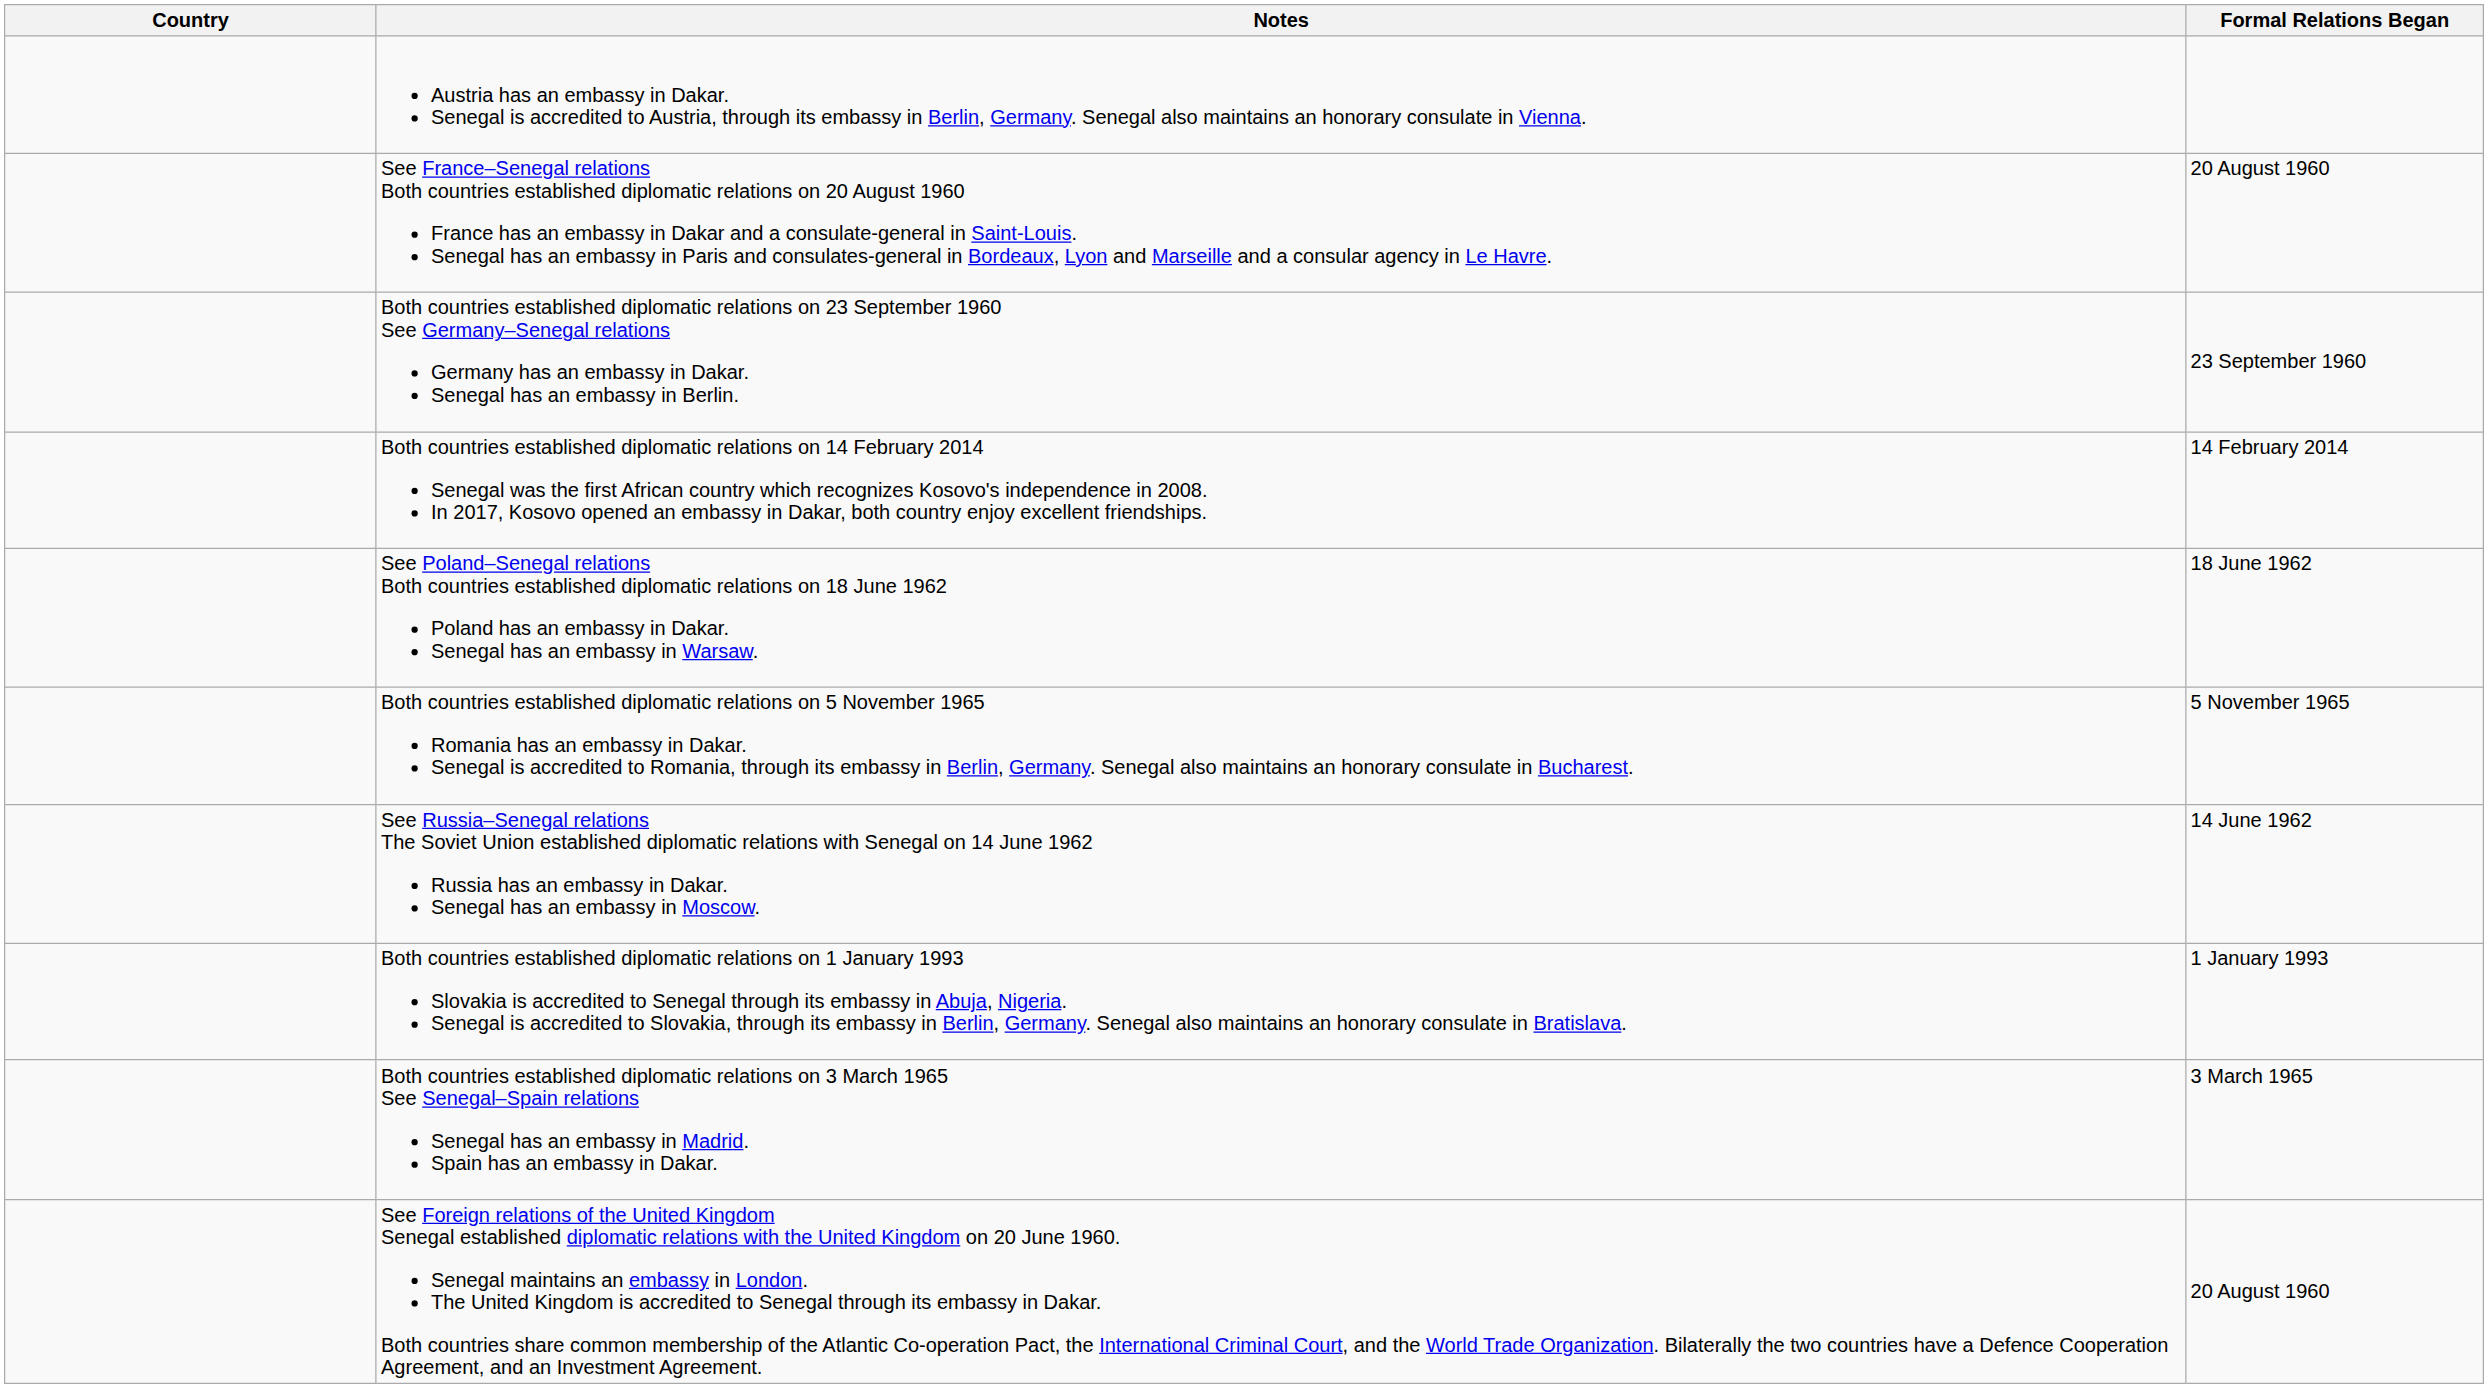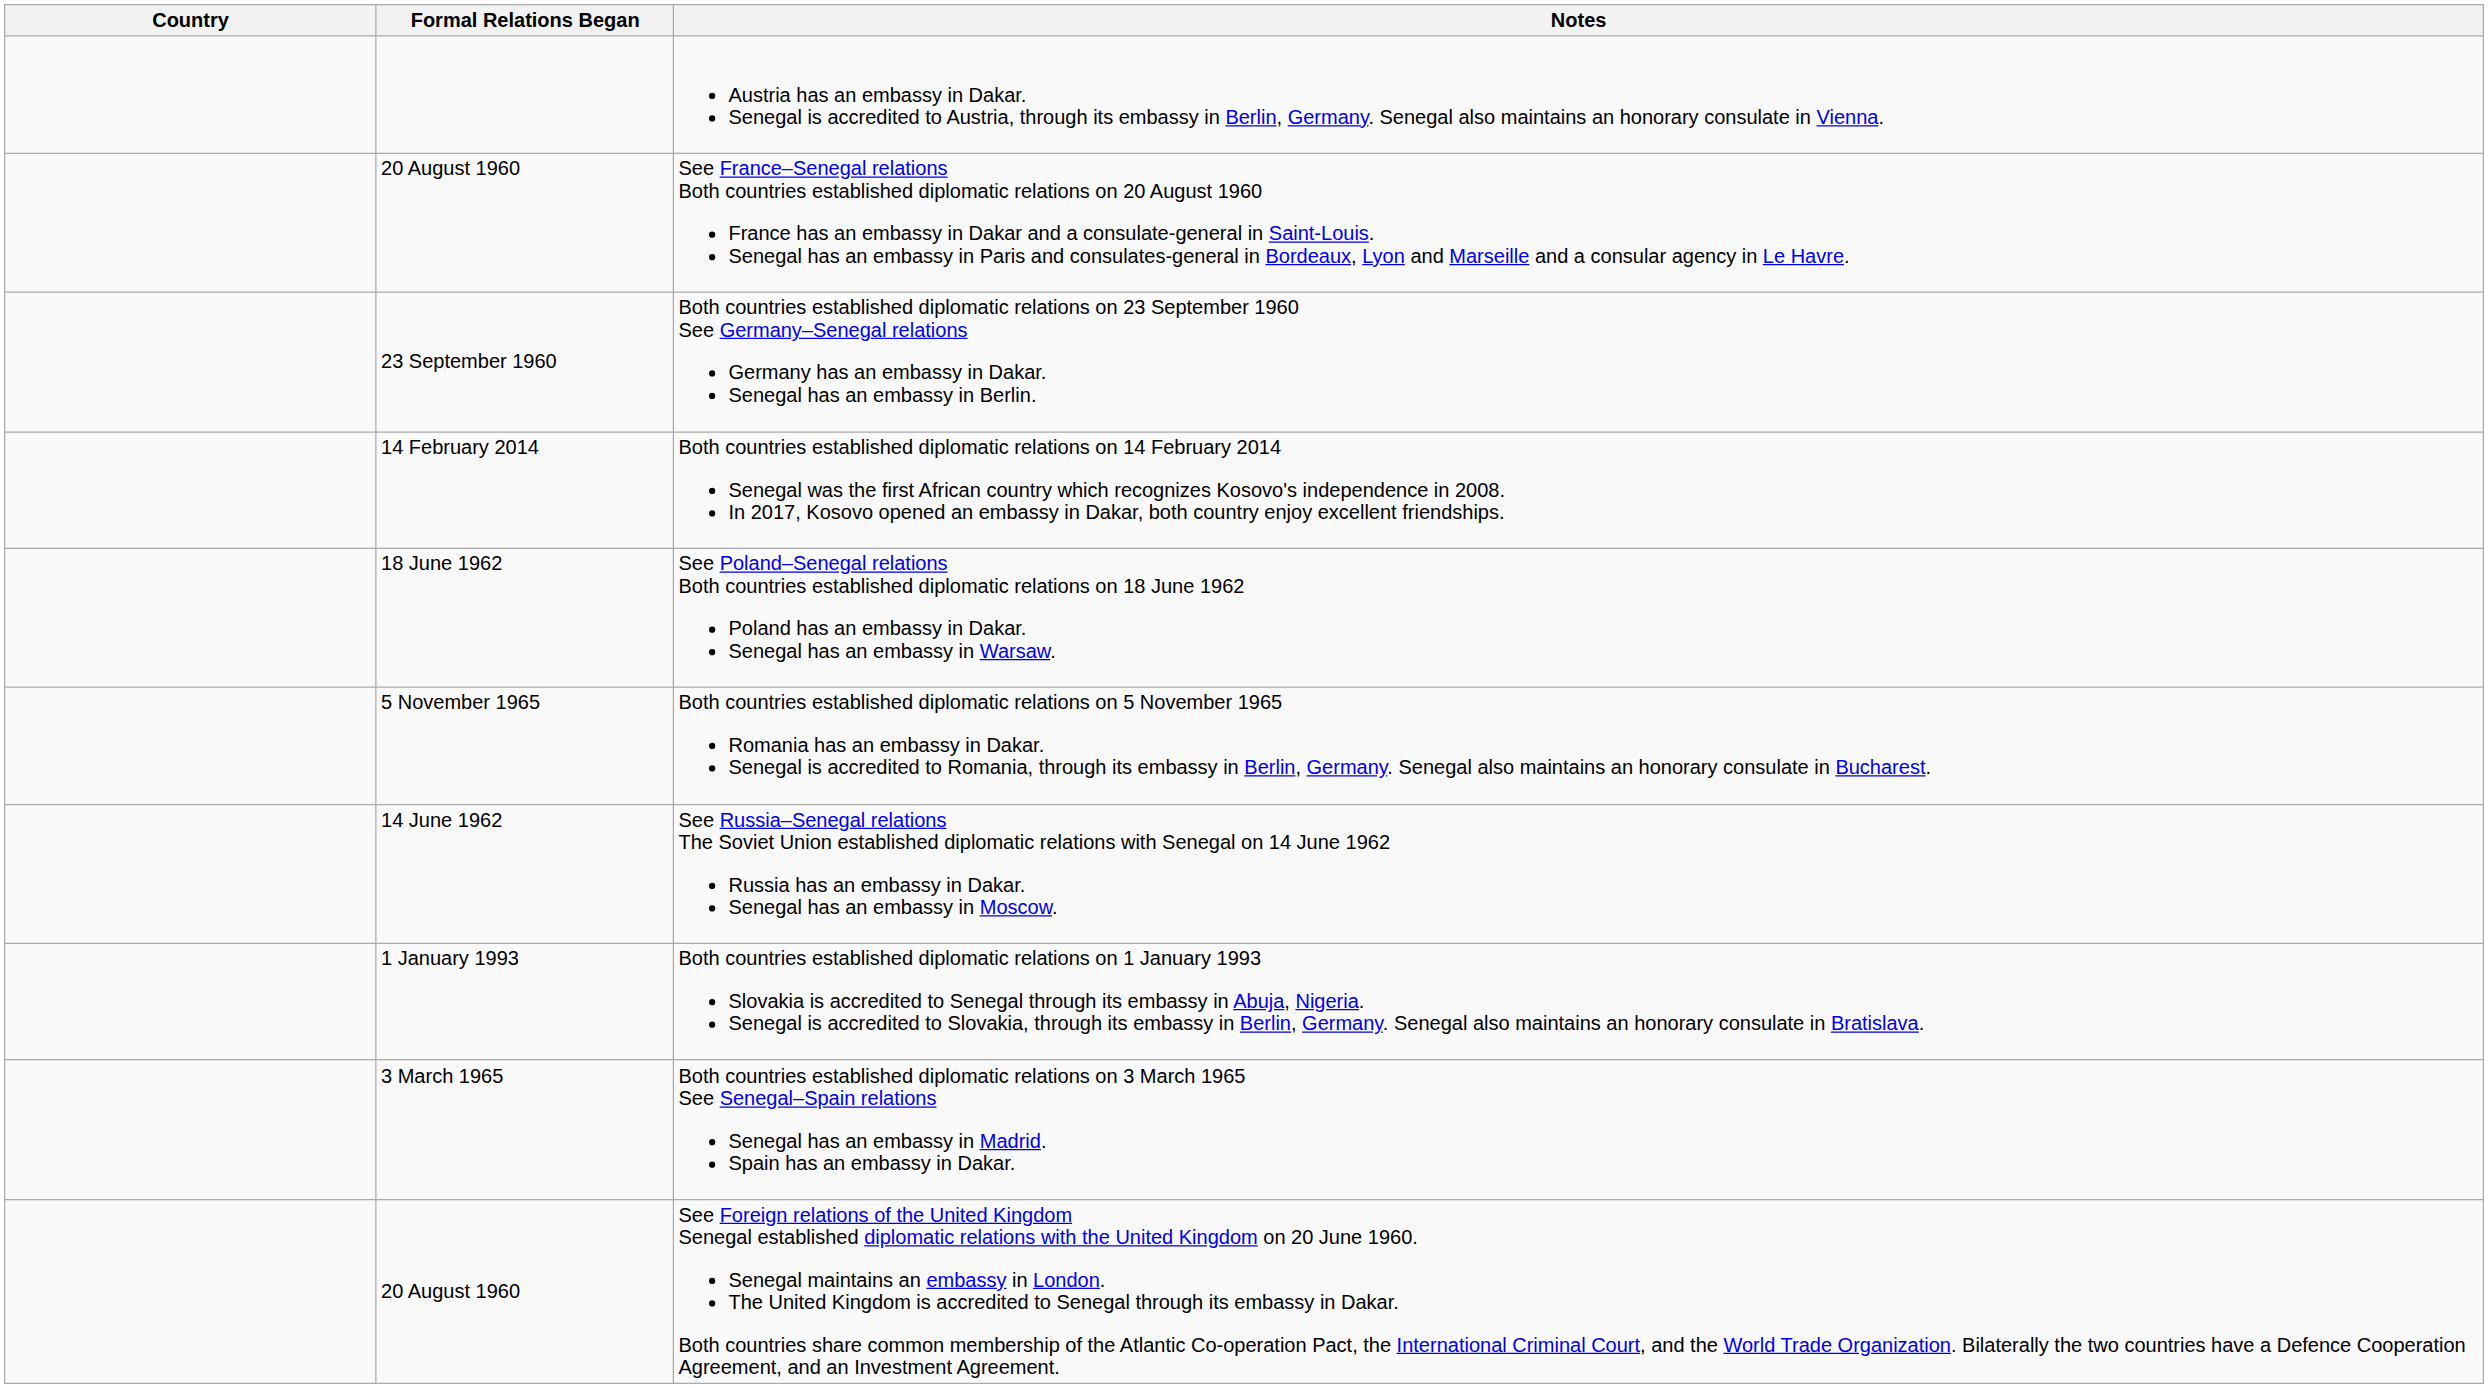 <table class="wikitable sortable" style="width:100%; margin:auto;">
 <tr>
 <th style="width:15%;">Country</th>
+<th style="width:12%;">Formal Relations Began</th>
 <th>Notes</th>
-<th style="width:12%;">Formal Relations Began</th>
 </tr>
 <tr valign="top">
 <td></td>
+<td></td>
 <td><br><ul><li>Austria has an embassy in Dakar.</li><li>Senegal is accredited to Austria, through its embassy in <a href='#'>Berlin</a>, <a href='#'>Germany</a>. Senegal also maintains an honorary consulate in <a href='#'>Vienna</a>.</li></ul></td>
-<td></td>
 </tr>
 <tr valign="top">
 <td></td>
+<td>20 August 1960</td>
 <td>See <a href='#'>France–Senegal relations</a><br>Both countries established diplomatic relations on 20 August 1960<ul><li>France has an embassy in Dakar and a consulate-general in <a href='#'>Saint-Louis</a>.</li><li>Senegal has an embassy in Paris and consulates-general in <a href='#'>Bordeaux</a>, <a href='#'>Lyon</a> and <a href='#'>Marseille</a> and a consular agency in <a href='#'>Le Havre</a>.</li></ul></td>
-<td>20 August 1960</td>
 </tr>
 <tr>
 <td></td>
+<td>23 September 1960</td>
 <td>Both countries established diplomatic relations on 23 September 1960<br>See <a href='#'>Germany–Senegal relations</a><ul><li>Germany has an embassy in Dakar.</li><li>Senegal has an embassy in Berlin.</li></ul></td>
-<td>23 September 1960</td>
 </tr>
 <tr valign="top">
 <td></td>
+<td>14 February 2014</td>
 <td>Both countries established diplomatic relations on 14 February 2014<br><ul><li>Senegal was the first African country which recognizes Kosovo's independence in 2008.</li><li>In 2017, Kosovo opened an embassy in Dakar, both country enjoy excellent friendships.</li></ul></td>
-<td>14 February 2014</td>
 </tr>
 <tr valign="top">
 <td></td>
+<td>18 June 1962</td>
 <td>See <a href='#'>Poland–Senegal relations</a><br>Both countries established diplomatic relations on 18 June 1962<ul><li>Poland has an embassy in Dakar.</li><li>Senegal has an embassy in <a href='#'>Warsaw</a>.</li></ul></td>
-<td>18 June 1962</td>
 </tr>
 <tr valign="top">
 <td></td>
+<td>5 November 1965</td>
 <td>Both countries established diplomatic relations on 5 November 1965<br><ul><li>Romania has an embassy in Dakar.</li><li>Senegal is accredited to Romania, through its embassy in <a href='#'>Berlin</a>, <a href='#'>Germany</a>. Senegal also maintains an honorary consulate in <a href='#'>Bucharest</a>.</li></ul></td>
-<td>5 November 1965</td>
 </tr>
 <tr valign="top">
 <td></td>
+<td>14 June 1962</td>
 <td>See <a href='#'>Russia–Senegal relations</a><br>The Soviet Union established diplomatic relations with Senegal on 14 June 1962<ul><li>Russia has an embassy in Dakar.</li><li>Senegal has an embassy in <a href='#'>Moscow</a>.</li></ul></td>
-<td>14 June 1962</td>
 </tr>
 <tr valign="top">
 <td></td>
+<td>1 January 1993</td>
 <td>Both countries established diplomatic relations on 1 January 1993<br><ul><li>Slovakia is accredited to Senegal through its embassy in <a href='#'>Abuja</a>, <a href='#'>Nigeria</a>.</li><li>Senegal is accredited to Slovakia, through its embassy in <a href='#'>Berlin</a>, <a href='#'>Germany</a>. Senegal also maintains an honorary consulate in <a href='#'>Bratislava</a>.</li></ul></td>
-<td>1 January 1993</td>
 </tr>
 <tr valign="top">
 <td></td>
+<td>3 March 1965</td>
 <td>Both countries established diplomatic relations on 3 March 1965<br>See <a href='#'>Senegal–Spain relations</a><ul><li>Senegal has an embassy in <a href='#'>Madrid</a>.</li><li>Spain has an embassy in Dakar.</li></ul></td>
-<td>3 March 1965</td>
 </tr>
 <tr>
 <td></td>
+<td>20 August 1960</td>
 <td>See <a href='#'>Foreign relations of the United Kingdom</a><br>Senegal established <a href='#'>diplomatic relations with the United Kingdom</a> on 20 June 1960.<ul><li>Senegal maintains an <a href='#'>embassy</a> in <a href='#'>London</a>.</li><li>The United Kingdom is accredited to Senegal through its embassy in Dakar.</li></ul>Both countries share common membership of the Atlantic Co-operation Pact, the <a href='#'>International Criminal Court</a>, and the <a href='#'>World Trade Organization</a>.  Bilaterally the two countries have a Defence Cooperation Agreement, and an Investment Agreement.</td>
-<td>20 August 1960</td>
 </tr>
 </table>
